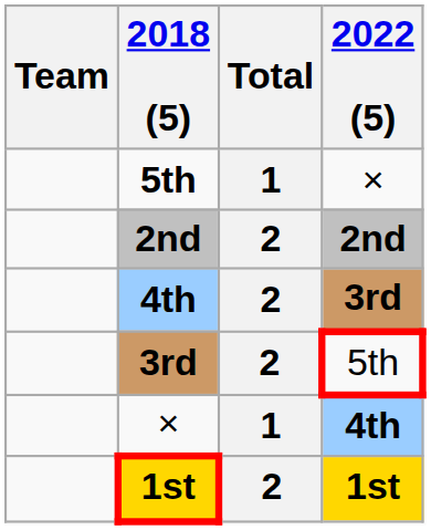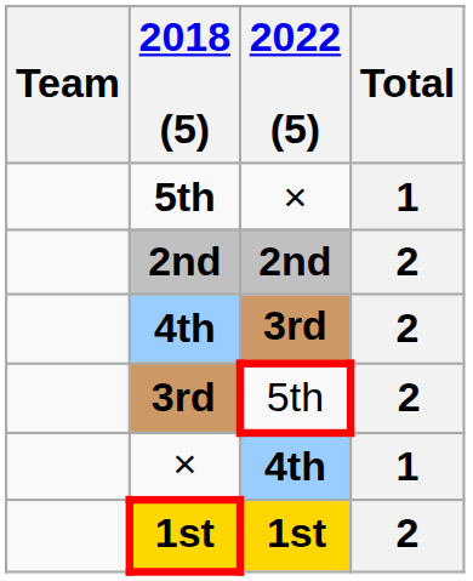 <table class="wikitable" style="text-align:center">
 <tr>
 <th>Team</th>
 <th><a href='#'>2018</a><br> <br>  (5)</th>
+<th><a href='#'>2022</a><br> <br> (5)</th>
 <th>Total</th>
-<th><a href='#'>2022</a><br> <br> (5)</th>
 </tr>
 <tr>
 <td align=left></td>
 <td><strong>5th</strong></td>
+<td>×</td>
 <th>1</th>
-<td>×</td>
 </tr>
 <tr>
 <td align=left></td>
 <td bgcolor=Silver><strong>2nd</strong></td>
+<td bgcolor=Silver><strong>2nd</strong></td>
 <th>2</th>
-<td bgcolor=Silver><strong>2nd</strong></td>
 </tr>
 <tr>
 <td align=left></td>
 <td bgcolor=#9acdff><strong>4th</strong></td>
+<td bgcolor=#cc9966><strong>3rd</strong></td>
 <th>2</th>
-<td bgcolor=#cc9966><strong>3rd</strong></td>
 </tr>
 <tr>
 <td align=left></td>
 <td bgcolor=#cc9966><strong>3rd</strong></td>
+<td style="border:3px solid red">5th</td>
 <th>2</th>
-<td style="border:3px solid red">5th</td>
 </tr>
 <tr>
 <td align=left></td>
 <td>×</td>
+<td bgcolor=#9acdff><strong>4th</strong></td>
 <th>1</th>
-<td bgcolor=#9acdff><strong>4th</strong></td>
 </tr>
 <tr>
 <td align=left></td>
 <td style="border:3px solid red" bgcolor=Gold><strong>1st</strong></td>
+<td bgcolor=Gold><strong>1st</strong></td>
 <th>2</th>
-<td bgcolor=Gold><strong>1st</strong></td>
 </tr>
 </table>
